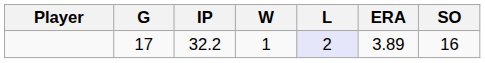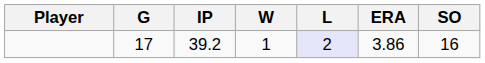 <table class="wikitable sortable">
 <tr>
 <th bgcolor="#DDDDFF" width="16%">Player</th>
 <th bgcolor="#DDDDFF" width="9%">G</th>
 <th bgcolor="#DDDDFF" width="9%">IP</th>
 <th bgcolor="#DDDDFF" width="9%">W</th>
 <th bgcolor="#DDDDFF" width="9%">L</th>
 <th bgcolor="#DDDDFF" width="9%">ERA</th>
 <th bgcolor="#DDDDFF" width="9%">SO</th>
 </tr>
 <tr align="center">
 <td></td>
 <td>17</td>
-<td>32.2</td>
+<td>39.2</td>
 <td>1</td>
 <td style="background: lavender;">2</td>
-<td>3.89</td>
+<td>3.86</td>
 <td>16</td>
 </tr>
 </table>
